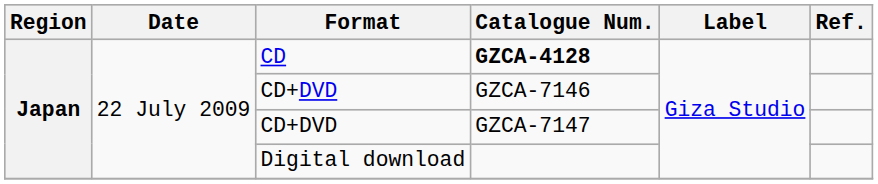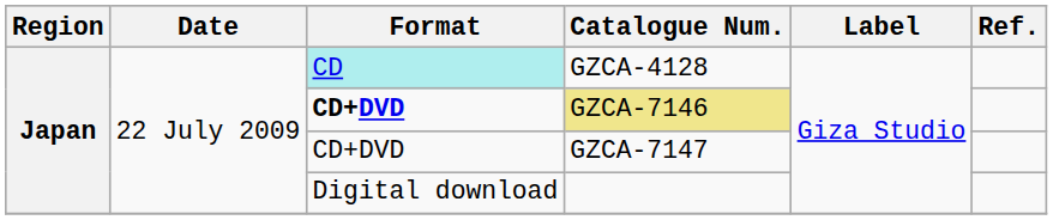 <table class="wikitable sortable plainrowheaders">
 <tr>
 <th scope="col">Region</th>
 <th scope="col">Date</th>
 <th scope="col">Format</th>
 <th scope="col">Catalogue Num.</th>
 <th scope="col">Label</th>
 <th scope="col">Ref.</th>
 </tr>
 <tr>
 <th scope="row" rowspan="4">Japan</th>
 <td rowspan="4">22 July 2009</td>
-<td><a href='#'>CD</a></td>
-<td><strong>GZCA-4128</strong></td>
+<td style="background: paleturquoise;"><a href='#'>CD</a></td>
+<td>GZCA-4128</td>
 <td rowspan="4"><a href='#'>Giza Studio</a></td>
 <td></td>
 </tr>
 <tr>
-<td>CD+<a href='#'>DVD</a> </td>
-<td>GZCA-7146</td>
+<td><strong>CD+<a href='#'>DVD</a> </strong></td>
+<td style="background: khaki;">GZCA-7146</td>
 <td></td>
 </tr>
 <tr>
 <td>CD+DVD </td>
 <td>GZCA-7147</td>
 <td></td>
 </tr>
 <tr>
 <td>Digital download</td>
 <td></td>
 <td></td>
 </tr>
 <tr>
 </tr>
 </table>
